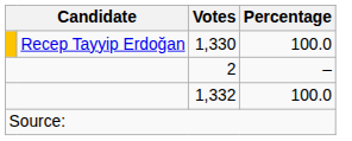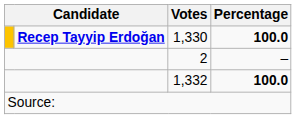 <table class=wikitable style=text-align:right>
 <tr>
 <th scope="col", colspan="2">Candidate</th>
 <th>Votes</th>
 <th>Percentage</th>
 </tr>
 <tr>
 <td style="background:#fdc400; width:4px; text-align:center;"></td>
-<td align=left><a href='#'>Recep Tayyip Erdoğan</a></td>
+<td align=left><strong><a href='#'>Recep Tayyip Erdoğan</a></strong></td>
 <td>1,330</td>
-<td>100.0</td>
+<td><strong>100.0</strong></td>
 </tr>
 <tr>
 <td scope="col", colspan="2"></td>
 <td>2</td>
 <td>–</td>
 </tr>
 <tr>
 <td scope="col", colspan="2"></td>
 <td>1,332</td>
-<td>100.0</td>
+<td><strong>100.0</strong></td>
 </tr>
 <tr>
 <td align=left colspan=4>Source: </td>
 </tr>
 </table>
